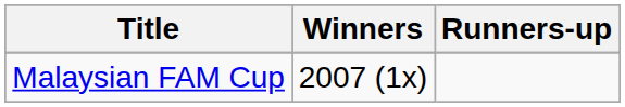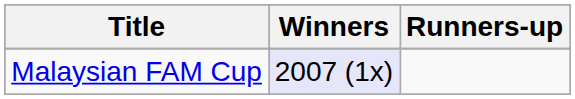 <table class="wikitable">
 <tr>
 <th Align=Left>Title</th>
 <th Align=Left>Winners</th>
 <th Align=Left>Runners-up</th>
 </tr>
 <tr>
 </tr>
 <tr>
 </tr>
 <tr>
 <td VAlign=Top><a href='#'>Malaysian FAM Cup</a></td>
-<td VAlign=Top>2007 (1x)</td>
+<td VAlign=Top style="background: lavender;">2007 (1x)</td>
 <td VAlign=Top></td>
 </tr>
 </table>
